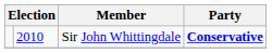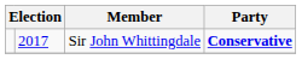 <table class="wikitable">
 <tr>
 <th colspan="2">Election</th>
 <th>Member</th>
 <th>Party</th>
 </tr>
 <tr>
 <td style="color:inherit;background-color: "></td>
-<td><a href='#'>2010</a></td>
+<td><a href='#'>2017</a></td>
 <td>Sir <a href='#'>John Whittingdale</a></td>
 <td><strong><a href='#'>Conservative</a></strong></td>
 </tr>
 <tr>
 </tr>
 </table>
